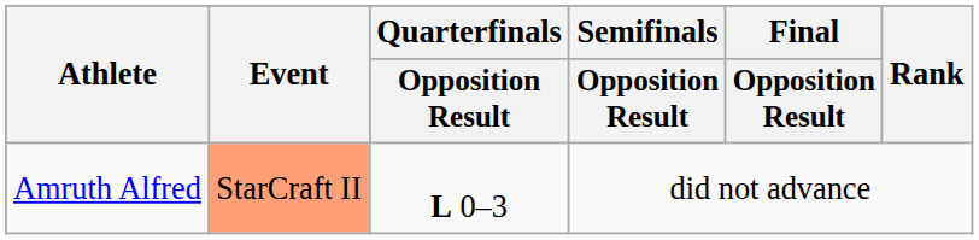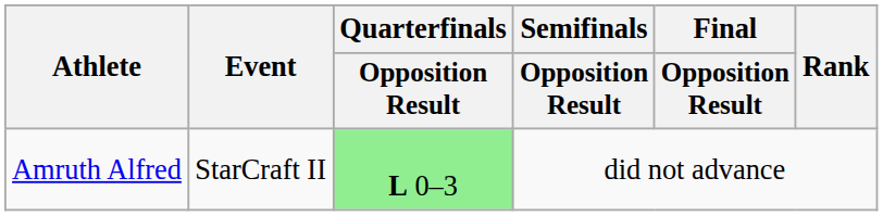 <table class="wikitable" style="font-size:90%;">
 <tr>
 <th rowspan=2>Athlete</th>
 <th rowspan=2>Event</th>
 <th>Quarterfinals</th>
 <th>Semifinals</th>
 <th>Final</th>
 <th rowspan=2>Rank</th>
 </tr>
 <tr style="font-size:95%">
 <th>Opposition<br>Result</th>
 <th>Opposition<br>Result</th>
 <th>Opposition<br>Result</th>
 </tr>
 <tr align=center>
 <td align=left><a href='#'>Amruth Alfred</a></td>
-<td align=left style="background: lightsalmon;">StarCraft II</td>
-<td><br><strong>L</strong> 0–3</td>
+<td align=left>StarCraft II</td>
+<td style="background: lightgreen;"><br><strong>L</strong> 0–3</td>
 <td colspan=3>did not advance</td>
 </tr>
 </table>
